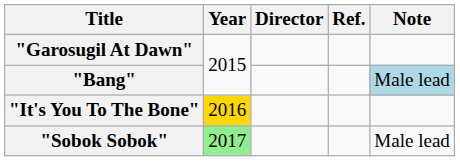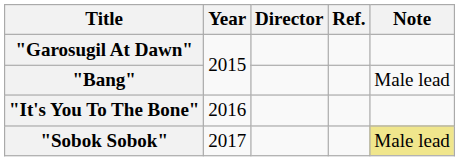 <table class="wikitable plainrowheaders" style="text-align:center;">
 <tr>
 <th>Title</th>
 <th>Year</th>
 <th>Director</th>
 <th>Ref.</th>
 <th>Note</th>
 </tr>
 <tr>
 <th scope=row>"Garosugil At Dawn" </th>
 <td rowspan="2">2015</td>
 <td></td>
 <td></td>
 <td></td>
 </tr>
 <tr>
 <th scope=row>"Bang" </th>
 <td></td>
 <td></td>
-<td style="background: lightblue;">Male lead</td>
+<td>Male lead</td>
 </tr>
 <tr>
 <th scope=row>"It's You To The Bone" </th>
-<td style="background: gold;">2016</td>
+<td>2016</td>
 <td></td>
 <td></td>
 <td></td>
 </tr>
 <tr>
 <th scope=row>"Sobok Sobok" </th>
-<td style="background: lightgreen;">2017</td>
+<td>2017</td>
 <td></td>
 <td></td>
-<td>Male lead</td>
+<td style="background: khaki;">Male lead</td>
 </tr>
 </table>
